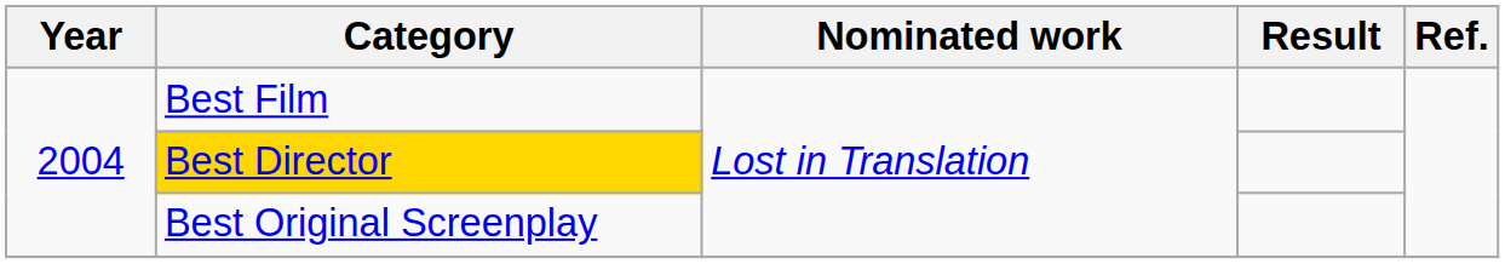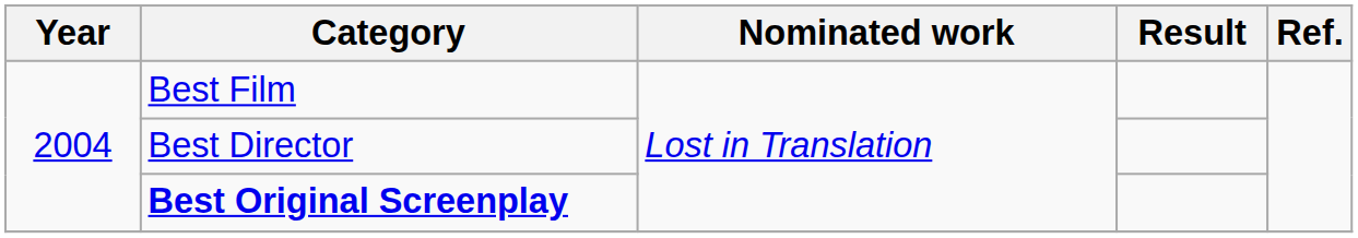 <table class=wikitable>
 <tr>
 <th scope="col" style="width:5em;">Year</th>
 <th scope="col" style="width:26em;">Category</th>
 <th scope="col" style="width:25em;">Nominated work</th>
 <th scope="col" style="width:5em;">Result</th>
 <th>Ref.</th>
 </tr>
 <tr>
 <td style="text-align:center;", rowspan=3><a href='#'>2004</a></td>
 <td><a href='#'>Best Film</a></td>
 <td rowspan=3><em><a href='#'>Lost in Translation</a></em></td>
 <td></td>
 <td rowspan=3></td>
 </tr>
 <tr>
-<td style="background: gold;"><a href='#'>Best Director</a></td>
+<td><a href='#'>Best Director</a></td>
 <td></td>
 </tr>
 <tr>
-<td><a href='#'>Best Original Screenplay</a></td>
+<td><strong><a href='#'>Best Original Screenplay</a></strong></td>
 <td></td>
 </tr>
 <tr>
 </tr>
 </table>
